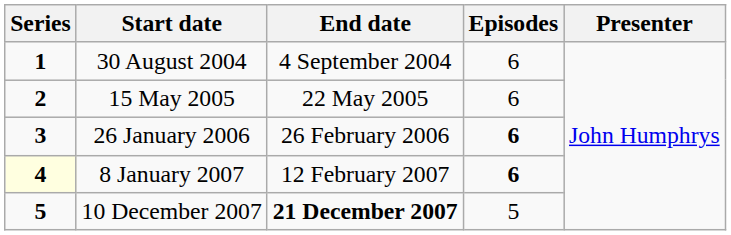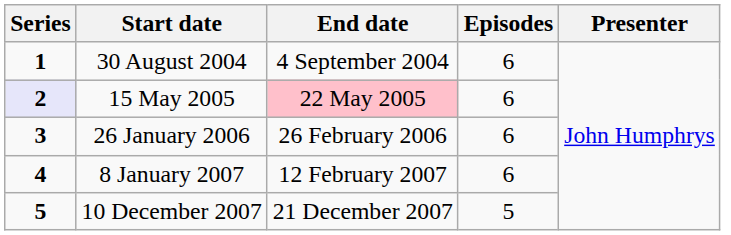 <table class="wikitable" style="text-align:center;">
 <tr>
 <th>Series</th>
 <th>Start date</th>
 <th>End date</th>
 <th>Episodes</th>
 <th>Presenter</th>
 </tr>
 <tr>
 <td><strong>1</strong></td>
 <td>30 August 2004</td>
 <td>4 September 2004</td>
 <td>6</td>
 <td rowspan=5><a href='#'>John Humphrys</a></td>
 </tr>
 <tr>
-<td><strong>2</strong></td>
+<td style="background: lavender;"><strong>2</strong></td>
 <td>15 May 2005</td>
-<td>22 May 2005</td>
+<td style="background: pink;">22 May 2005</td>
 <td>6</td>
 </tr>
 <tr>
 <td><strong>3</strong></td>
 <td>26 January 2006</td>
 <td>26 February 2006</td>
-<td><strong>6</strong></td>
+<td>6</td>
 </tr>
 <tr>
-<td style="background: lightyellow;"><strong>4</strong></td>
+<td><strong>4</strong></td>
 <td>8 January 2007</td>
 <td>12 February 2007</td>
-<td><strong>6</strong></td>
+<td>6</td>
 </tr>
 <tr>
 <td><strong>5</strong></td>
 <td>10 December 2007</td>
-<td><strong>21 December 2007</strong></td>
+<td>21 December 2007</td>
 <td>5</td>
 </tr>
 </table>
